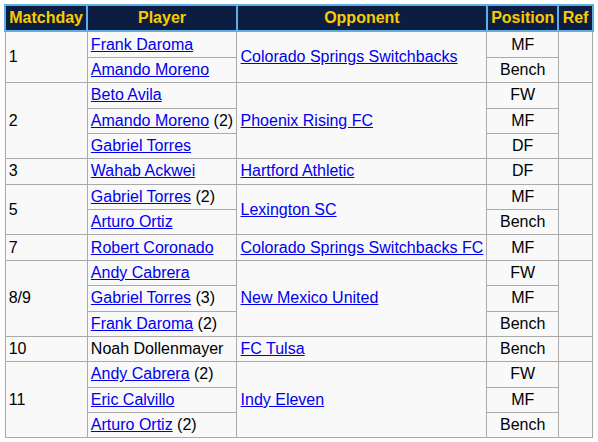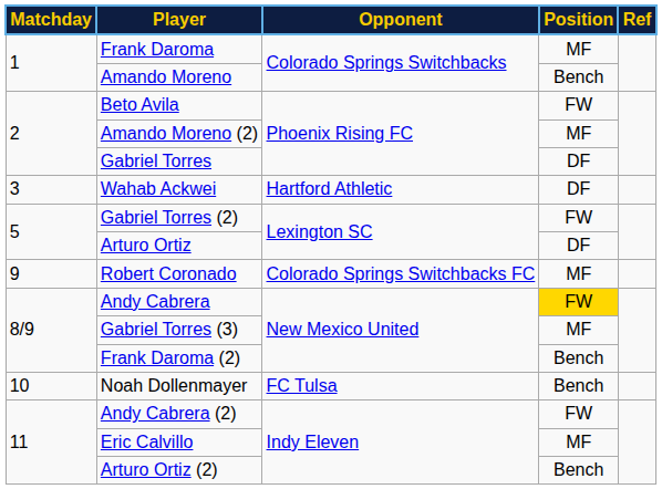 <table class=wikitable>
 <tr>
 <th style="background:#0D1D41; color:#F8CC00; border:2px solid #5FAFE4;">Matchday</th>
 <th style="background:#0D1D41; color:#F8CC00; border:2px solid #5FAFE4;">Player</th>
 <th style="background:#0D1D41; color:#F8CC00; border:2px solid #5FAFE4;">Opponent</th>
 <th style="background:#0D1D41; color:#F8CC00; border:2px solid #5FAFE4;">Position</th>
 <th style="background:#0D1D41; color:#F8CC00; border:2px solid #5FAFE4;">Ref</th>
 </tr>
 <tr>
 <td rowspan=2>1</td>
 <td> <a href='#'>Frank Daroma</a></td>
 <td rowspan=2><a href='#'>Colorado Springs Switchbacks</a></td>
 <td align=center>MF</td>
 <td rowspan=2 style="text-align:center"></td>
 </tr>
 <tr>
 <td> <a href='#'>Amando Moreno</a></td>
 <td align=center>Bench</td>
 </tr>
 <tr>
 <td rowspan=3>2</td>
 <td> <a href='#'>Beto Avila</a></td>
 <td rowspan=3><a href='#'>Phoenix Rising FC</a></td>
 <td align=center>FW</td>
 <td rowspan=3 style="text-align:center"></td>
 </tr>
 <tr>
 <td> <a href='#'>Amando Moreno</a> (2)</td>
 <td align=center>MF</td>
 </tr>
 <tr>
 <td> <a href='#'>Gabriel Torres</a></td>
 <td align=center>DF</td>
 </tr>
 <tr>
 <td>3</td>
 <td> <a href='#'>Wahab Ackwei</a></td>
 <td><a href='#'>Hartford Athletic</a></td>
 <td align=center>DF</td>
 <td style="text-align:center"></td>
 </tr>
 <tr>
 <td rowspan=2>5</td>
 <td> <a href='#'>Gabriel Torres</a> (2)</td>
 <td rowspan=2><a href='#'>Lexington SC</a></td>
-<td align=center>MF</td>
+<td align=center>FW</td>
 <td rowspan=2 style="text-align:center"></td>
 </tr>
 <tr>
 <td> <a href='#'>Arturo Ortiz</a></td>
-<td align=center>Bench</td>
+<td align=center>DF</td>
 </tr>
 <tr>
-<td>7</td>
+<td>9</td>
 <td> <a href='#'>Robert Coronado</a></td>
 <td><a href='#'>Colorado Springs Switchbacks FC</a></td>
 <td align=center>MF</td>
 <td style="text-align:center"></td>
 </tr>
 <tr>
 <td rowspan=3>8/9</td>
 <td> <a href='#'>Andy Cabrera</a></td>
 <td rowspan=3><a href='#'>New Mexico United</a></td>
-<td align=center>FW</td>
+<td align=center style="background: gold;">FW</td>
 <td rowspan=3 style="text-align:center"></td>
 </tr>
 <tr>
 <td> <a href='#'>Gabriel Torres</a> (3)</td>
 <td align=center>MF</td>
 </tr>
 <tr>
 <td> <a href='#'>Frank Daroma</a> (2)</td>
 <td align=center>Bench</td>
 </tr>
 <tr>
 <td>10</td>
 <td> Noah Dollenmayer</td>
 <td><a href='#'>FC Tulsa</a></td>
 <td align=center>Bench</td>
 <td style="text-align:center"></td>
 </tr>
 <tr>
 <td rowspan=3>11</td>
 <td> <a href='#'>Andy Cabrera</a> (2)</td>
 <td rowspan=3><a href='#'>Indy Eleven</a></td>
 <td align=center>FW</td>
 <td rowspan=3 style="text-align:center"></td>
 </tr>
 <tr>
 <td> <a href='#'>Eric Calvillo</a></td>
 <td align=center>MF</td>
 </tr>
 <tr>
 <td> <a href='#'>Arturo Ortiz</a> (2)</td>
 <td align=center>Bench</td>
 </tr>
 </table>
